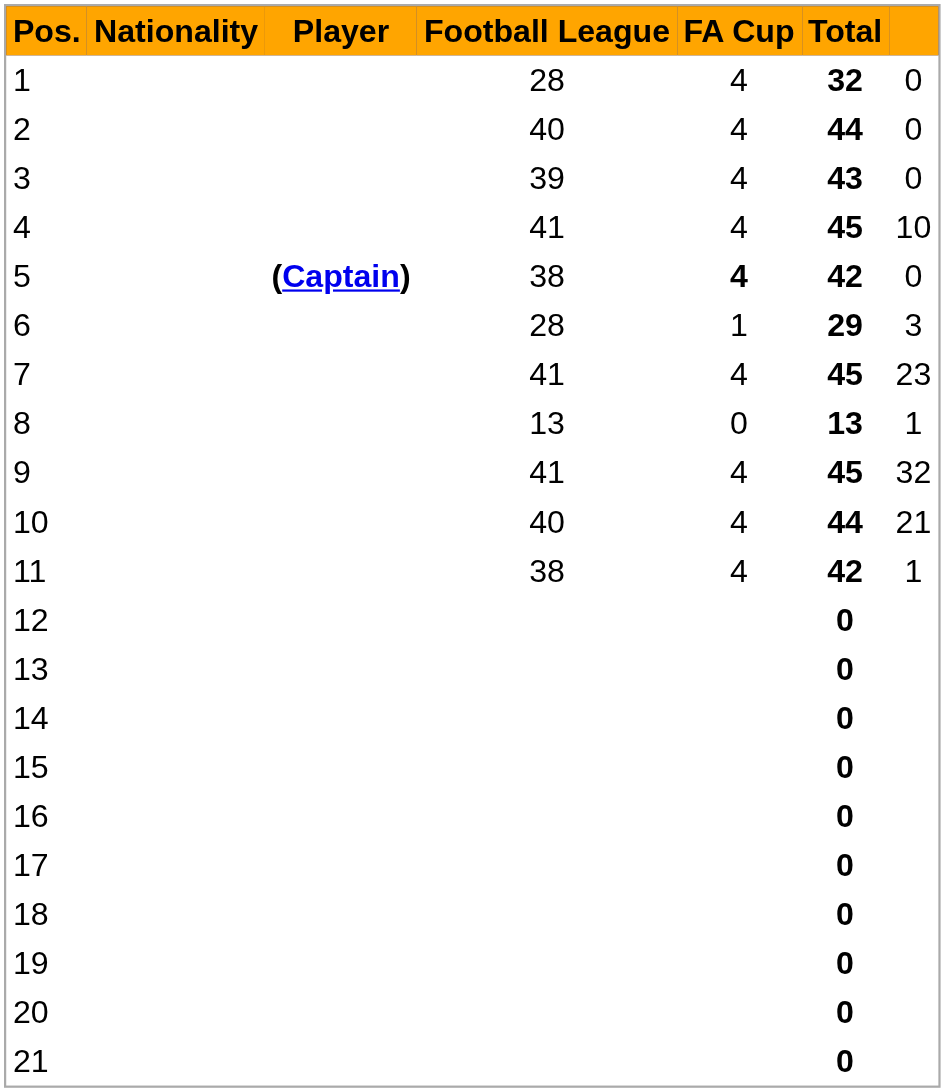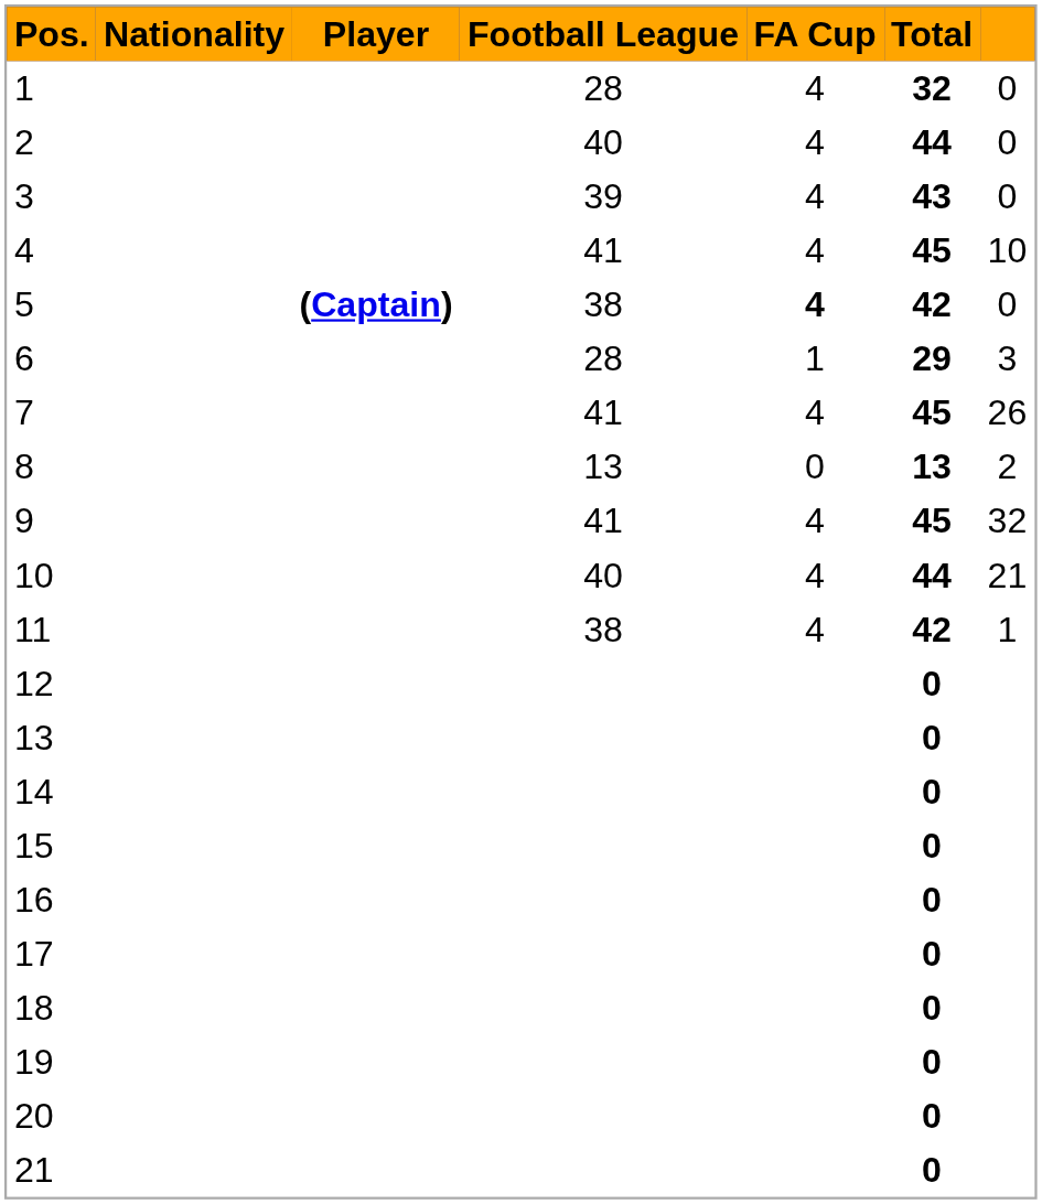 <table cellspacing="0" cellpadding="3" style="border:1px solid #AAAAAA;font-size:90%">
 <tr bgcolor="#191970">
 <th style=background:orange; align="center"><span>Pos.</span></th>
 <th style=background:orange; align="center"><span>Nationality</span></th>
 <th style=background:orange; align="center"><span>Player</span></th>
 <th style=background:orange; align="center"><span>Football League</span></th>
 <th style=background:orange; align="center"><span>FA Cup</span></th>
 <th style=background:orange; align="center"><span>Total</span></th>
 <th style=background:orange; align="center"><span></span></th>
 </tr>
 <tr>
 <td>1</td>
 <td></td>
 <td></td>
 <td align="center">28</td>
 <td align="center">4</td>
 <td align="center"><strong>32</strong></td>
 <td align="center">0</td>
 </tr>
 <tr>
 <td>2</td>
 <td></td>
 <td></td>
 <td align="center">40</td>
 <td align="center">4</td>
 <td align="center"><strong>44</strong></td>
 <td align="center">0</td>
 </tr>
 <tr>
 <td>3</td>
 <td></td>
 <td></td>
 <td align="center">39</td>
 <td align="center">4</td>
 <td align="center"><strong>43</strong></td>
 <td align="center">0</td>
 </tr>
 <tr>
 <td>4</td>
 <td></td>
 <td></td>
 <td align="center">41</td>
 <td align="center">4</td>
 <td align="center"><strong>45</strong></td>
 <td align="center">10</td>
 </tr>
 <tr>
 <td>5</td>
 <td></td>
 <td> <strong>(<a href='#'>Captain</a>)</strong></td>
 <td align="center">38</td>
 <td align="center"><strong>4</strong></td>
 <td align="center"><strong>42</strong></td>
 <td align="center">0</td>
 </tr>
 <tr>
 <td>6</td>
 <td></td>
 <td></td>
 <td align="center">28</td>
 <td align="center">1</td>
 <td align="center"><strong>29</strong></td>
 <td align="center">3</td>
 </tr>
 <tr>
 <td>7</td>
 <td></td>
 <td></td>
 <td align="center">41</td>
 <td align="center">4</td>
 <td align="center"><strong>45</strong></td>
-<td align="center">23</td>
+<td align="center">26</td>
 </tr>
 <tr>
 <td>8</td>
 <td></td>
 <td></td>
 <td align="center">13</td>
 <td align="center">0</td>
 <td align="center"><strong>13</strong></td>
-<td align="center">1</td>
+<td align="center">2</td>
 </tr>
 <tr>
 <td>9</td>
 <td></td>
 <td></td>
 <td align="center">41</td>
 <td align="center">4</td>
 <td align="center"><strong>45</strong></td>
 <td align="center">32</td>
 </tr>
 <tr>
 <td>10</td>
 <td></td>
 <td></td>
 <td align="center">40</td>
 <td align="center">4</td>
 <td align="center"><strong>44</strong></td>
 <td align="center">21</td>
 </tr>
 <tr>
 <td>11</td>
 <td></td>
 <td></td>
 <td align="center">38</td>
 <td align="center">4</td>
 <td align="center"><strong>42</strong></td>
 <td align="center">1</td>
 </tr>
 <tr>
 <td>12</td>
 <td></td>
 <td></td>
 <td align="center"></td>
 <td align="center"></td>
 <td align="center"><strong>0</strong></td>
 <td align="center"></td>
 </tr>
 <tr>
 <td>13</td>
 <td></td>
 <td></td>
 <td align="center"></td>
 <td align="center"></td>
 <td align="center"><strong>0</strong></td>
 <td align="center"></td>
 </tr>
 <tr>
 <td>14</td>
 <td></td>
 <td></td>
 <td align="center"></td>
 <td align="center"></td>
 <td align="center"><strong>0</strong></td>
 <td align="center"></td>
 </tr>
 <tr>
 <td>15</td>
 <td></td>
 <td></td>
 <td align="center"></td>
 <td align="center"></td>
 <td align="center"><strong>0</strong></td>
 <td align="center"></td>
 </tr>
 <tr>
 <td>16</td>
 <td></td>
 <td></td>
 <td align="center"></td>
 <td align="center"></td>
 <td align="center"><strong>0</strong></td>
 <td align="center"></td>
 </tr>
 <tr>
 <td>17</td>
 <td></td>
 <td></td>
 <td align="center"></td>
 <td align="center"></td>
 <td align="center"><strong>0</strong></td>
 <td align="center"></td>
 </tr>
 <tr>
 <td>18</td>
 <td></td>
 <td></td>
 <td align="center"></td>
 <td align="center"></td>
 <td align="center"><strong>0</strong></td>
 <td align="center"></td>
 </tr>
 <tr>
 <td>19</td>
 <td></td>
 <td></td>
 <td align="center"></td>
 <td align="center"></td>
 <td align="center"><strong>0</strong></td>
 <td align="center"></td>
 </tr>
 <tr>
 <td>20</td>
 <td></td>
 <td></td>
 <td align="center"></td>
 <td align="center"></td>
 <td align="center"><strong>0</strong></td>
 <td align="center"></td>
 </tr>
 <tr>
 <td>21</td>
 <td></td>
 <td></td>
 <td align="center"></td>
 <td align="center"></td>
 <td align="center"><strong>0</strong></td>
 <td align="center"></td>
 </tr>
 <tr>
 </tr>
 </table>
